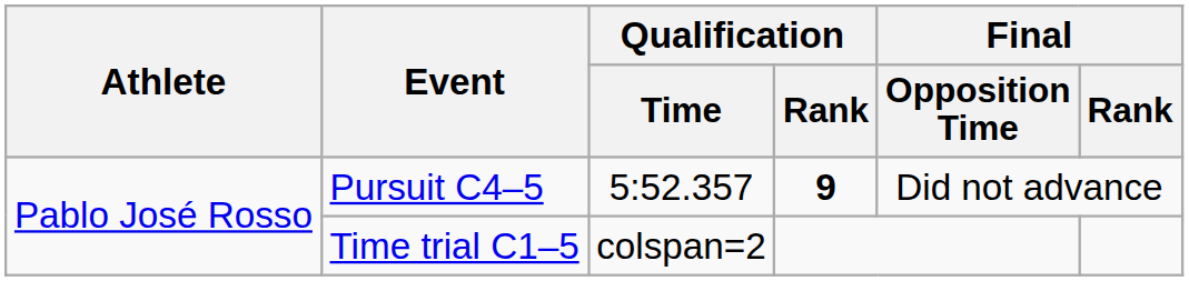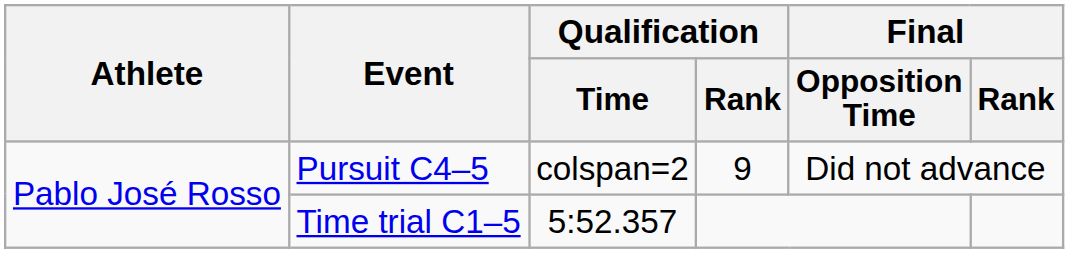 <table class=wikitable style="font-size:90%">
 <tr>
 <th rowspan="2">Athlete</th>
 <th rowspan="2">Event</th>
 <th colspan="2">Qualification</th>
 <th colspan="2">Final</th>
 </tr>
 <tr style="font-size:95%">
 <th>Time</th>
 <th>Rank</th>
 <th>Opposition<br>Time</th>
 <th>Rank</th>
 </tr>
 <tr align=center>
 <td align=left rowspan=2><a href='#'>Pablo José Rosso</a></td>
 <td align=left><a href='#'>Pursuit C4–5</a></td>
-<td>5:52.357</td>
-<td><strong>9</strong></td>
+<td>colspan=2 </td>
+<td>9</td>
 <td colspan=2>Did not advance</td>
 </tr>
 <tr align=center>
 <td align=left><a href='#'>Time trial C1–5</a></td>
-<td>colspan=2 </td>
+<td>5:52.357</td>
 <td colspan=2></td>
 </tr>
 </table>
